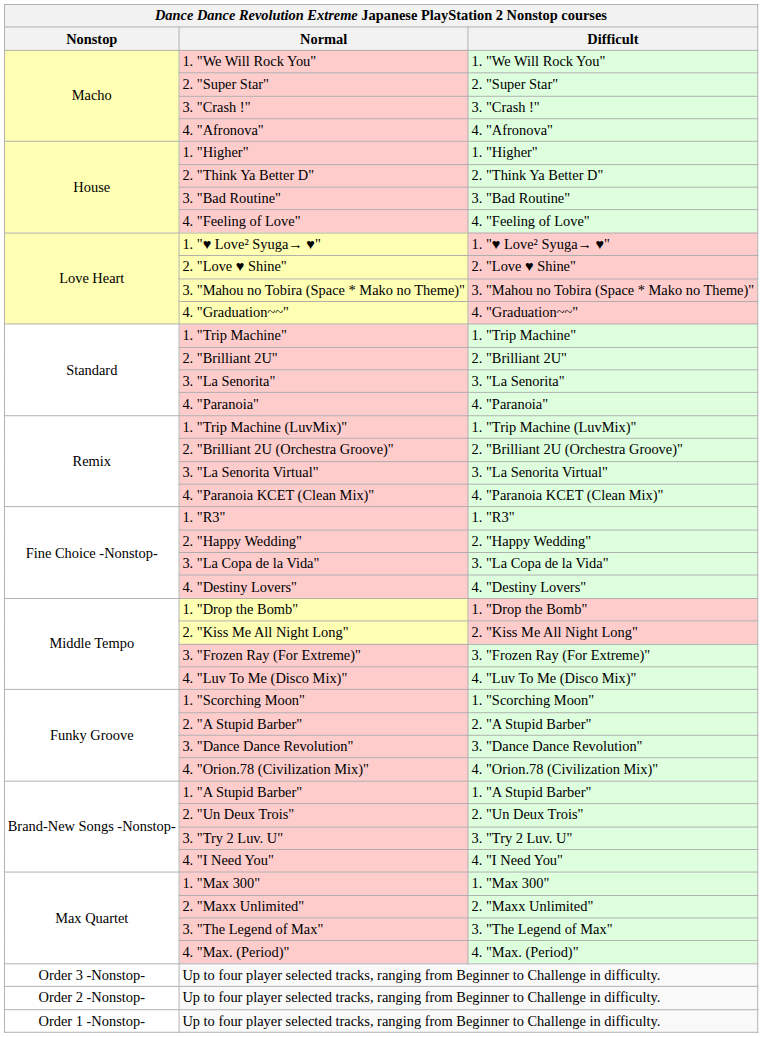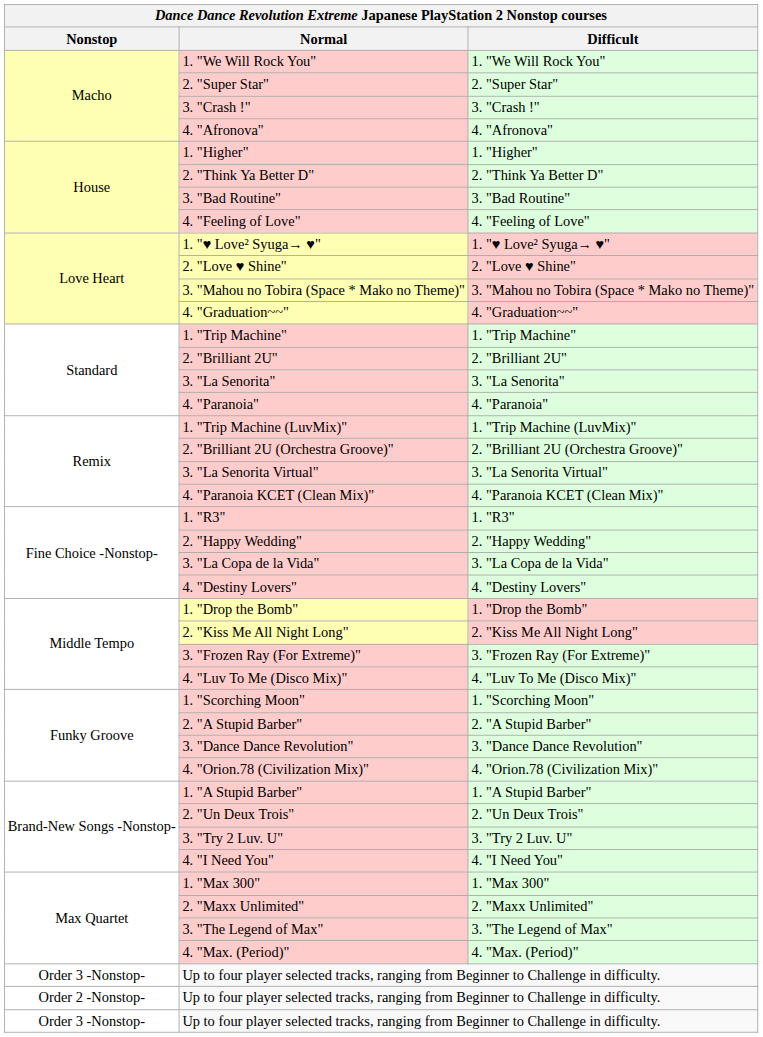 <table class="wikitable collapsible collapsed">
 <tr>
 <th colspan="3"><em>Dance Dance Revolution Extreme</em> Japanese PlayStation 2 Nonstop courses</th>
 </tr>
 <tr>
 <th>Nonstop</th>
 <th>Normal</th>
 <th>Difficult</th>
 </tr>
 <tr>
 <td rowspan="4" style="background:#FFFFB3; text-align:center;">Macho</td>
 <td style="background:#fcc;">1. "We Will Rock You"</td>
 <td style="background:#dfd;">1. "We Will Rock You"</td>
 </tr>
 <tr>
 <td style="background:#fcc;">2. "Super Star"</td>
 <td style="background:#dfd;">2. "Super Star"</td>
 </tr>
 <tr>
 <td style="background:#fcc;">3. "Crash !"</td>
 <td style="background:#dfd;">3. "Crash !"</td>
 </tr>
 <tr>
 <td style="background:#fcc;">4. "Afronova"</td>
 <td style="background:#dfd;">4. "Afronova"</td>
 </tr>
 <tr>
 <td rowspan="4" style="background:#FFFFB3; text-align:center;">House</td>
 <td style="background:#fcc;">1. "Higher"</td>
 <td style="background:#dfd;">1. "Higher"</td>
 </tr>
 <tr>
 <td style="background:#fcc;">2. "Think Ya Better D"</td>
 <td style="background:#dfd;">2. "Think Ya Better D"</td>
 </tr>
 <tr>
 <td style="background:#fcc;">3. "Bad Routine"</td>
 <td style="background:#dfd;">3. "Bad Routine"</td>
 </tr>
 <tr>
 <td style="background:#fcc;">4. "Feeling of Love"</td>
 <td style="background:#dfd;">4. "Feeling of Love"</td>
 </tr>
 <tr>
 <td rowspan="4" style="background:#FFFFB3; text-align:center;">Love Heart</td>
 <td style="background:#FFFFB3;">1. "♥ Love² Syuga→ ♥"</td>
 <td style="background:#fcc;">1. "♥ Love² Syuga→ ♥"</td>
 </tr>
 <tr>
 <td style="background:#FFFFB3;">2. "Love ♥ Shine"</td>
 <td style="background:#fcc;">2. "Love ♥ Shine"</td>
 </tr>
 <tr>
 <td style="background:#FFFFB3;">3. "Mahou no Tobira (Space * Mako no Theme)"</td>
 <td style="background:#fcc;">3. "Mahou no Tobira (Space * Mako no Theme)"</td>
 </tr>
 <tr>
 <td style="background:#FFFFB3;">4. "Graduation~~"</td>
 <td style="background:#fcc;">4. "Graduation~~"</td>
 </tr>
 <tr>
 <td rowspan="4" style="background:#fff; text-align:center;">Standard</td>
 <td style="background:#fcc;">1. "Trip Machine"</td>
 <td style="background:#dfd;">1. "Trip Machine"</td>
 </tr>
 <tr>
 <td style="background:#fcc;">2. "Brilliant 2U"</td>
 <td style="background:#dfd;">2. "Brilliant 2U"</td>
 </tr>
 <tr>
 <td style="background:#fcc;">3. "La Senorita"</td>
 <td style="background:#dfd;">3. "La Senorita"</td>
 </tr>
 <tr>
 <td style="background:#fcc;">4. "Paranoia"</td>
 <td style="background:#dfd;">4. "Paranoia"</td>
 </tr>
 <tr>
 <td rowspan="4" style="background:#fff; text-align:center;"> Remix</td>
 <td style="background:#fcc;">1. "Trip Machine (LuvMix)"</td>
 <td style="background:#dfd;">1. "Trip Machine (LuvMix)"</td>
 </tr>
 <tr>
 <td style="background:#fcc;">2. "Brilliant 2U (Orchestra Groove)"</td>
 <td style="background:#dfd;">2. "Brilliant 2U (Orchestra Groove)"</td>
 </tr>
 <tr>
 <td style="background:#fcc;">3. "La Senorita Virtual"</td>
 <td style="background:#dfd;">3. "La Senorita Virtual"</td>
 </tr>
 <tr>
 <td style="background:#fcc;">4. "Paranoia KCET (Clean Mix)"</td>
 <td style="background:#dfd;">4. "Paranoia KCET (Clean Mix)"</td>
 </tr>
 <tr>
 <td rowspan="4" style="background:#fff; text-align:center;">Fine Choice -Nonstop-</td>
 <td style="background:#fcc;">1. "R3"</td>
 <td style="background:#dfd;">1. "R3"</td>
 </tr>
 <tr>
 <td style="background:#fcc;">2. "Happy Wedding"</td>
 <td style="background:#dfd;">2. "Happy Wedding"</td>
 </tr>
 <tr>
 <td style="background:#fcc;">3. "La Copa de la Vida"</td>
 <td style="background:#dfd;">3. "La Copa de la Vida"</td>
 </tr>
 <tr>
 <td style="background:#fcc;">4. "Destiny Lovers"</td>
 <td style="background:#dfd;">4. "Destiny Lovers"</td>
 </tr>
 <tr>
 <td rowspan="4" style="background:#fff; text-align:center;">Middle Tempo</td>
 <td style="background:#FFFFB3;">1. "Drop the Bomb"</td>
 <td style="background:#fcc;">1. "Drop the Bomb"</td>
 </tr>
 <tr>
 <td style="background:#FFFFB3;">2. "Kiss Me All Night Long"</td>
 <td style="background:#fcc;">2. "Kiss Me All Night Long"</td>
 </tr>
 <tr>
 <td style="background:#fcc;">3. "Frozen Ray (For Extreme)"</td>
 <td style="background:#dfd;">3. "Frozen Ray (For Extreme)"</td>
 </tr>
 <tr>
 <td style="background:#fcc;">4. "Luv To Me (Disco Mix)"</td>
 <td style="background:#dfd;">4. "Luv To Me (Disco Mix)"</td>
 </tr>
 <tr>
 <td rowspan="4" style="background:#fff; text-align:center;">Funky Groove</td>
 <td style="background:#fcc;">1. "Scorching Moon"</td>
 <td style="background:#dfd;">1. "Scorching Moon"</td>
 </tr>
 <tr>
 <td style="background:#fcc;">2. "A Stupid Barber"</td>
 <td style="background:#dfd;">2. "A Stupid Barber"</td>
 </tr>
 <tr>
 <td style="background:#fcc;">3. "Dance Dance Revolution"</td>
 <td style="background:#dfd;">3. "Dance Dance Revolution"</td>
 </tr>
 <tr>
 <td style="background:#fcc;">4. "Orion.78 (Civilization Mix)"</td>
 <td style="background:#dfd;">4. "Orion.78 (Civilization Mix)"</td>
 </tr>
 <tr>
 <td rowspan="4" style="background:#fff; text-align:center;"> Brand-New Songs -Nonstop-</td>
 <td style="background:#fcc;">1. "A Stupid Barber"</td>
 <td style="background:#dfd;">1. "A Stupid Barber"</td>
 </tr>
 <tr>
 <td style="background:#fcc;">2. "Un Deux Trois"</td>
 <td style="background:#dfd;">2. "Un Deux Trois"</td>
 </tr>
 <tr>
 <td style="background:#fcc;">3. "Try 2 Luv. U"</td>
 <td style="background:#dfd;">3. "Try 2 Luv. U"</td>
 </tr>
 <tr>
 <td style="background:#fcc;">4. "I Need You"</td>
 <td style="background:#dfd;">4. "I Need You"</td>
 </tr>
 <tr>
 <td rowspan="4" style="background:#fff; text-align:center;"> Max Quartet</td>
 <td style="background:#fcc;">1. "Max 300"</td>
 <td style="background:#dfd;">1. "Max 300"</td>
 </tr>
 <tr>
 <td style="background:#fcc;">2. "Maxx Unlimited"</td>
 <td style="background:#dfd;">2. "Maxx Unlimited"</td>
 </tr>
 <tr>
 <td style="background:#fcc;">3. "The Legend of Max"</td>
 <td style="background:#dfd;">3. "The Legend of Max"</td>
 </tr>
 <tr>
 <td style="background:#fcc;">4. "Max. (Period)"</td>
 <td style="background:#dfd;">4. "Max. (Period)"</td>
 </tr>
 <tr>
 <td style="background:#fff; text-align:center;">Order 3 -Nonstop-</td>
 <td colspan="2">Up to four player selected tracks, ranging from <span>Beginner</span> to <span>Challenge</span> in difficulty.</td>
 </tr>
 <tr>
 <td style="background:#fff; text-align:center;">Order 2 -Nonstop-</td>
 <td colspan="2">Up to four player selected tracks, ranging from <span>Beginner</span> to <span>Challenge</span> in difficulty.</td>
 </tr>
 <tr>
-<td style="background:#fff; text-align:center;">Order 1 -Nonstop-</td>
+<td style="background:#fff; text-align:center;">Order 3 -Nonstop-</td>
 <td colspan="2">Up to four player selected tracks, ranging from <span>Beginner</span> to <span>Challenge</span> in difficulty.</td>
 </tr>
 </table>
